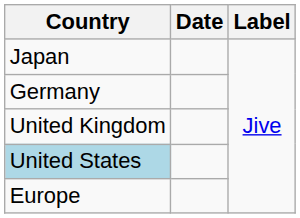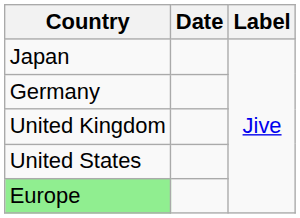 <table class="wikitable sortable">
 <tr>
 <th>Country</th>
 <th>Date</th>
 <th>Label</th>
 </tr>
 <tr>
 <td>Japan</td>
 <td></td>
 <td style="text-align:center;" rowspan="5"><a href='#'>Jive</a></td>
 </tr>
 <tr>
 <td>Germany</td>
 <td></td>
 </tr>
 <tr>
 <td>United Kingdom</td>
 <td></td>
 </tr>
 <tr>
-<td style="background: lightblue;">United States</td>
+<td>United States</td>
 <td></td>
 </tr>
 <tr>
-<td>Europe</td>
+<td style="background: lightgreen;">Europe</td>
 <td></td>
 </tr>
 </table>
